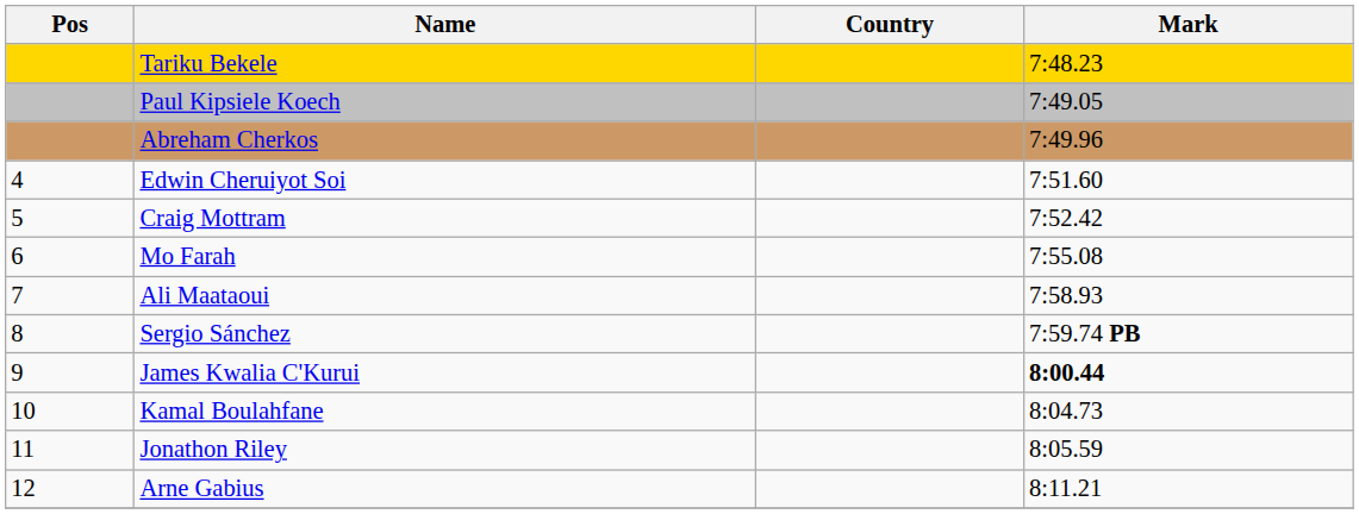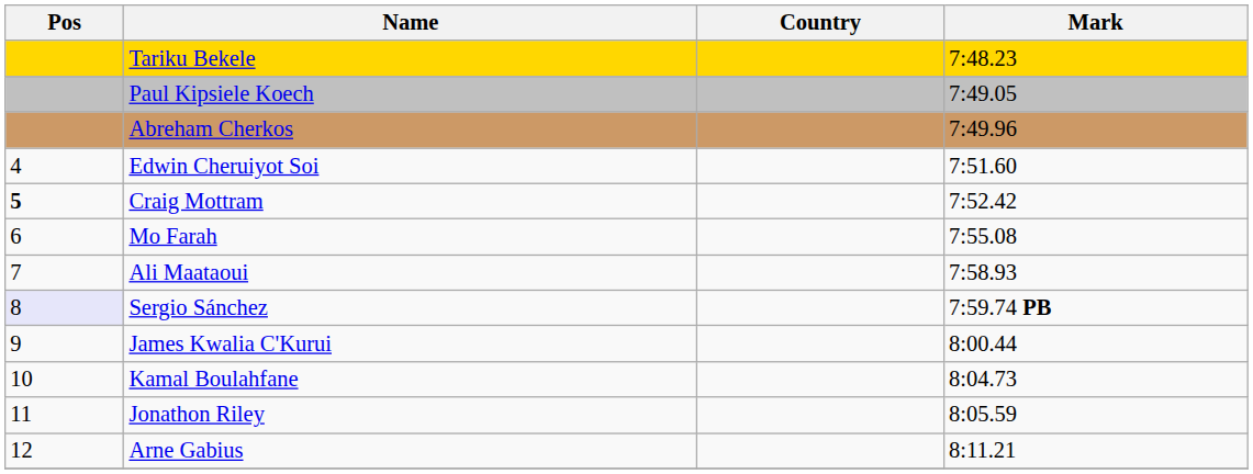 <table class="wikitable" width=70%>
 <tr>
 <th>Pos</th>
 <th>Name</th>
 <th>Country</th>
 <th>Mark</th>
 </tr>
 <tr bgcolor=gold>
 <td></td>
 <td><a href='#'>Tariku Bekele</a></td>
 <td></td>
 <td>7:48.23</td>
 </tr>
 <tr bgcolor=silver>
 <td></td>
 <td><a href='#'>Paul Kipsiele Koech</a></td>
 <td></td>
 <td>7:49.05</td>
 </tr>
 <tr bgcolor=cc9966>
 <td></td>
 <td><a href='#'>Abreham Cherkos</a></td>
 <td></td>
 <td>7:49.96</td>
 </tr>
 <tr>
 <td>4</td>
 <td><a href='#'>Edwin Cheruiyot Soi</a></td>
 <td></td>
 <td>7:51.60</td>
 </tr>
 <tr>
-<td>5</td>
+<td><strong>5</strong></td>
 <td><a href='#'>Craig Mottram</a></td>
 <td></td>
 <td>7:52.42</td>
 </tr>
 <tr>
 <td>6</td>
 <td><a href='#'>Mo Farah</a></td>
 <td></td>
 <td>7:55.08</td>
 </tr>
 <tr>
 <td>7</td>
 <td><a href='#'>Ali Maataoui</a></td>
 <td></td>
 <td>7:58.93</td>
 </tr>
 <tr>
-<td>8</td>
+<td style="background: lavender;">8</td>
 <td><a href='#'>Sergio Sánchez</a></td>
 <td></td>
 <td>7:59.74 <strong>PB</strong></td>
 </tr>
 <tr>
 <td>9</td>
 <td><a href='#'>James Kwalia C'Kurui</a></td>
 <td></td>
-<td><strong>8:00.44</strong></td>
+<td>8:00.44</td>
 </tr>
 <tr>
 <td>10</td>
 <td><a href='#'>Kamal Boulahfane</a></td>
 <td></td>
 <td>8:04.73</td>
 </tr>
 <tr>
 <td>11</td>
 <td><a href='#'>Jonathon Riley</a></td>
 <td></td>
 <td>8:05.59</td>
 </tr>
 <tr>
 <td>12</td>
 <td><a href='#'>Arne Gabius</a></td>
 <td></td>
 <td>8:11.21</td>
 </tr>
 <tr>
 </tr>
 </table>
